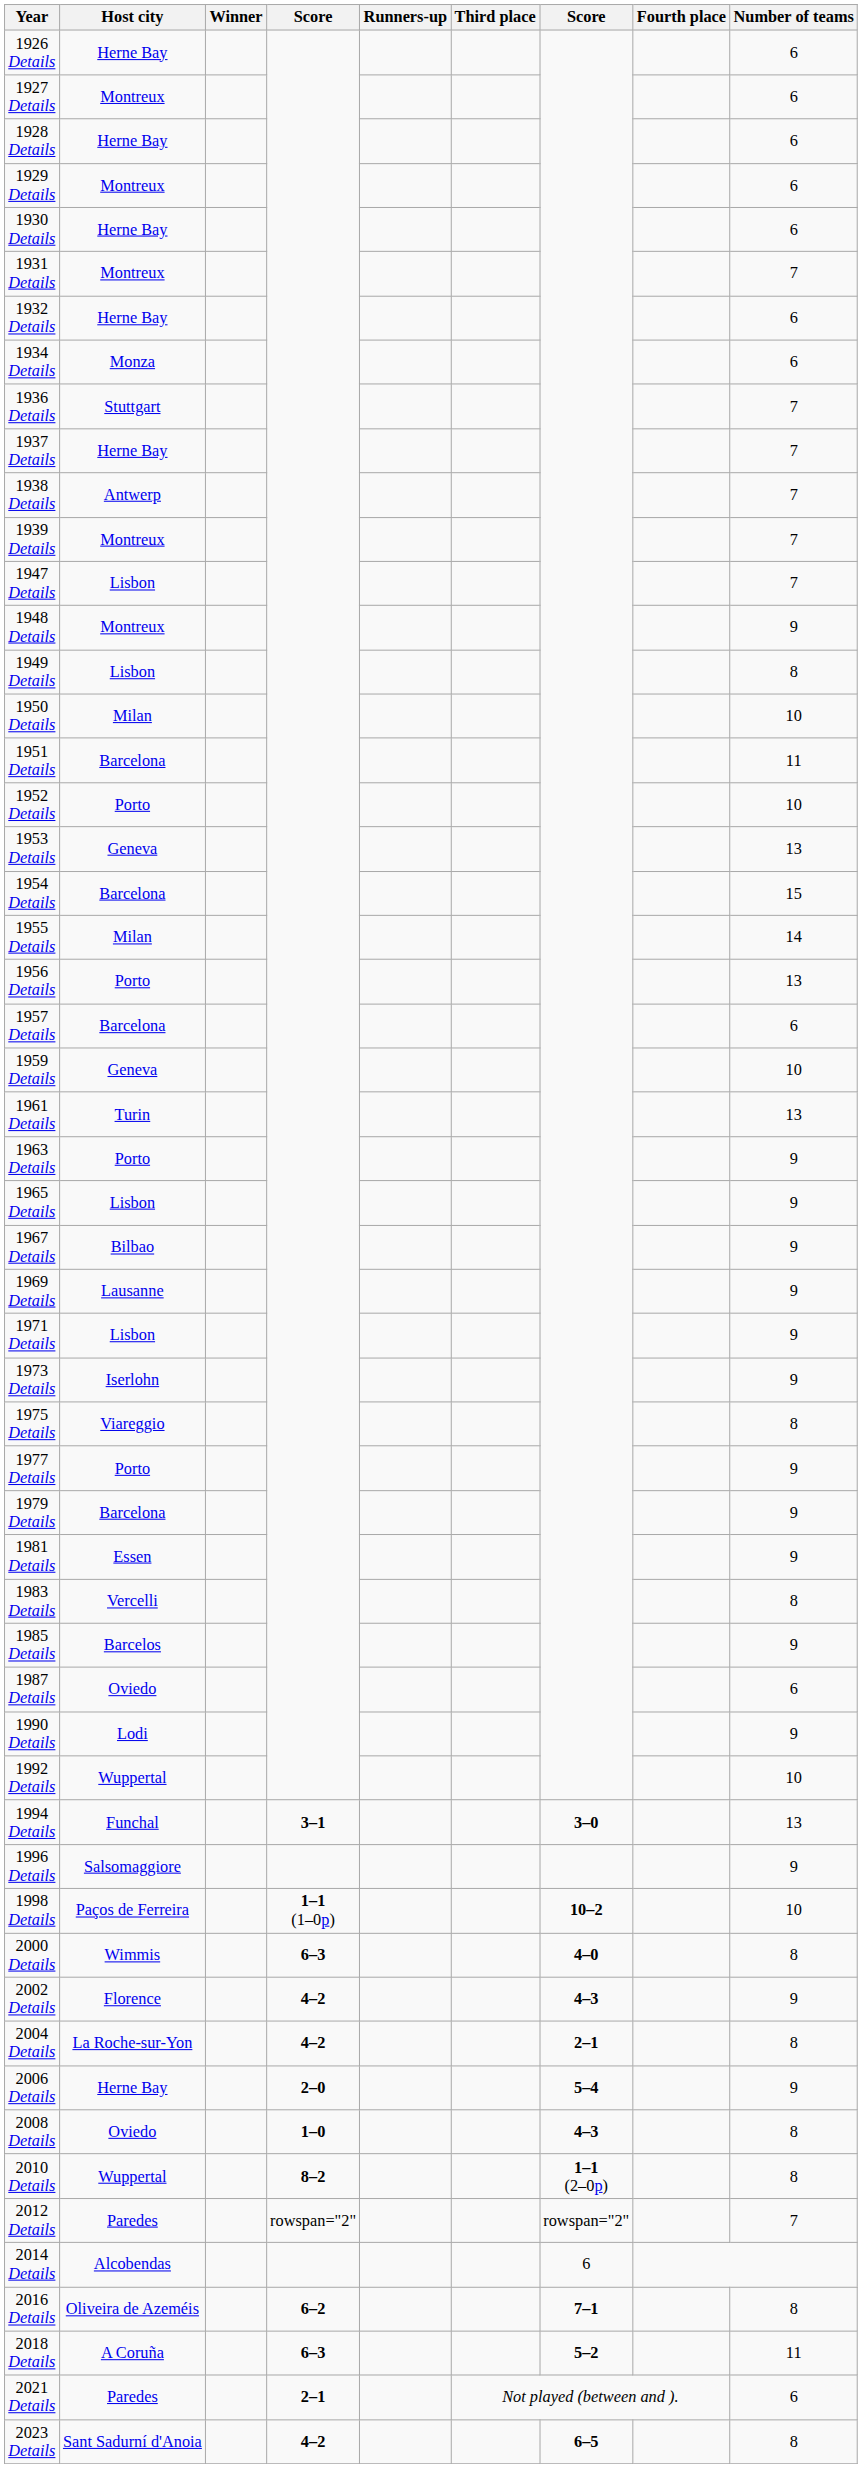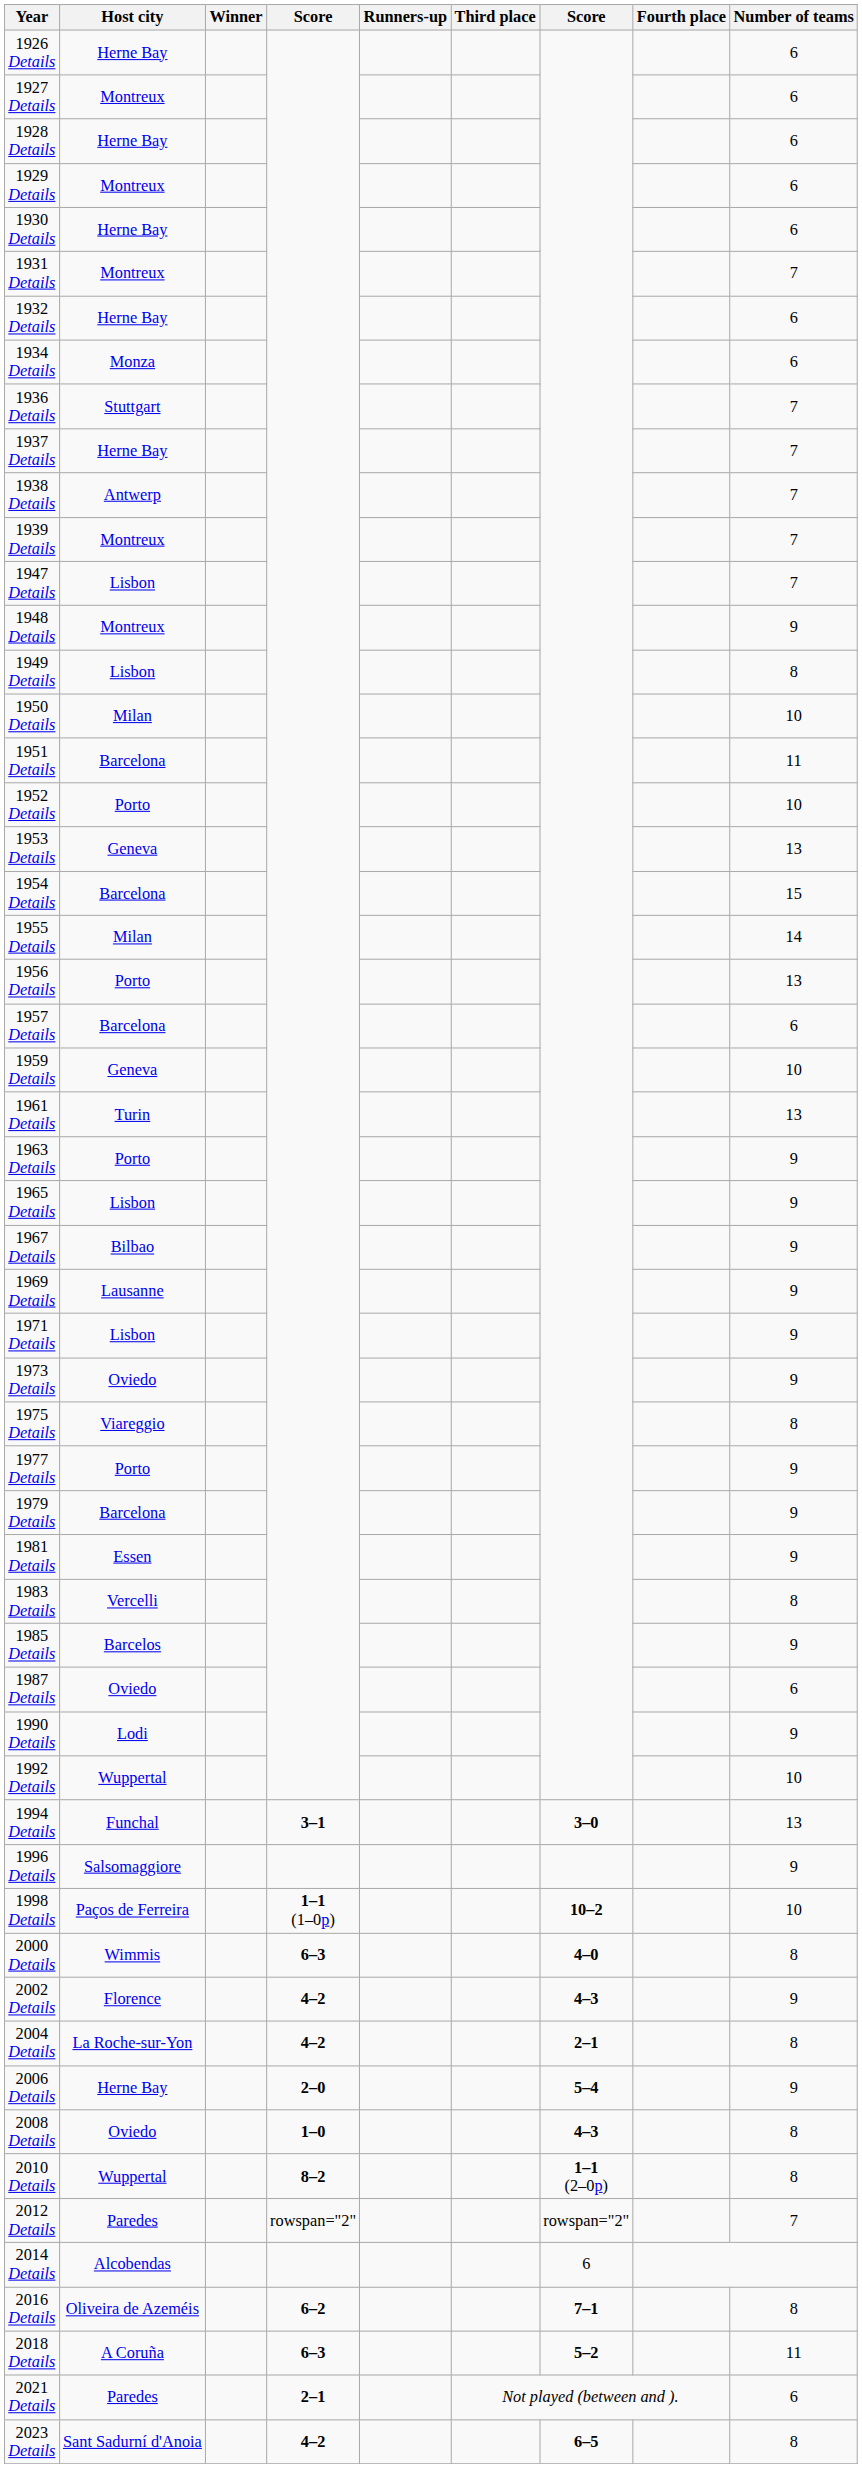 <table class="wikitable" style="text-align:center;">
 <tr>
 <th>Year</th>
 <th>Host city</th>
 <th>Winner</th>
 <th>Score</th>
 <th>Runners-up</th>
 <th>Third place</th>
 <th>Score</th>
 <th>Fourth place</th>
 <th>Number of teams</th>
 </tr>
 <tr>
 <td>1926<br> <em><a href='#'>Details</a></em></td>
 <td> <a href='#'>Herne Bay</a></td>
 <td><strong></strong></td>
 <td rowspan="40"></td>
 <td></td>
 <td></td>
 <td rowspan="40"></td>
 <td></td>
 <td>6</td>
 </tr>
 <tr>
 <td>1927<br> <em><a href='#'>Details</a></em></td>
 <td> <a href='#'>Montreux</a></td>
 <td><strong></strong></td>
 <td></td>
 <td></td>
 <td></td>
 <td>6</td>
 </tr>
 <tr>
 <td>1928<br> <em><a href='#'>Details</a></em></td>
 <td> <a href='#'>Herne Bay</a></td>
 <td><strong></strong></td>
 <td></td>
 <td></td>
 <td></td>
 <td>6</td>
 </tr>
 <tr>
 <td>1929<br> <em><a href='#'>Details</a></em></td>
 <td> <a href='#'>Montreux</a></td>
 <td><strong></strong></td>
 <td></td>
 <td></td>
 <td></td>
 <td>6</td>
 </tr>
 <tr>
 <td>1930<br> <em><a href='#'>Details</a></em></td>
 <td> <a href='#'>Herne Bay</a></td>
 <td><strong></strong></td>
 <td></td>
 <td></td>
 <td></td>
 <td>6</td>
 </tr>
 <tr>
 <td>1931<br> <em><a href='#'>Details</a></em></td>
 <td> <a href='#'>Montreux</a></td>
 <td><strong></strong></td>
 <td></td>
 <td></td>
 <td></td>
 <td>7</td>
 </tr>
 <tr>
 <td>1932<br> <em><a href='#'>Details</a></em></td>
 <td> <a href='#'>Herne Bay</a></td>
 <td><strong></strong></td>
 <td></td>
 <td></td>
 <td></td>
 <td>6</td>
 </tr>
 <tr>
 <td>1934<br> <em><a href='#'>Details</a></em></td>
 <td> <a href='#'>Monza</a></td>
 <td><strong></strong></td>
 <td></td>
 <td></td>
 <td></td>
 <td>6</td>
 </tr>
 <tr>
 <td>1936<br> <em><a href='#'>Details</a></em></td>
 <td> <a href='#'>Stuttgart</a></td>
 <td><strong></strong></td>
 <td></td>
 <td></td>
 <td></td>
 <td>7</td>
 </tr>
 <tr>
 <td>1937<br> <em><a href='#'>Details</a></em></td>
 <td> <a href='#'>Herne Bay</a></td>
 <td><strong></strong></td>
 <td></td>
 <td></td>
 <td></td>
 <td>7</td>
 </tr>
 <tr>
 <td>1938<br> <em><a href='#'>Details</a></em></td>
 <td> <a href='#'>Antwerp</a></td>
 <td><strong></strong></td>
 <td></td>
 <td></td>
 <td></td>
 <td>7</td>
 </tr>
 <tr>
 <td>1939<br> <em><a href='#'>Details</a></em></td>
 <td> <a href='#'>Montreux</a></td>
 <td><strong></strong></td>
 <td></td>
 <td></td>
 <td></td>
 <td>7</td>
 </tr>
 <tr>
 <td>1947<br> <em><a href='#'>Details</a></em></td>
 <td> <a href='#'>Lisbon</a></td>
 <td><strong></strong></td>
 <td></td>
 <td></td>
 <td></td>
 <td>7</td>
 </tr>
 <tr>
 <td>1948<br> <em><a href='#'>Details</a></em></td>
 <td> <a href='#'>Montreux</a></td>
 <td><strong></strong></td>
 <td></td>
 <td></td>
 <td></td>
 <td>9</td>
 </tr>
 <tr>
 <td>1949<br> <em><a href='#'>Details</a></em></td>
 <td> <a href='#'>Lisbon</a></td>
 <td><strong></strong></td>
 <td></td>
 <td></td>
 <td></td>
 <td>8</td>
 </tr>
 <tr>
 <td>1950<br> <em><a href='#'>Details</a></em></td>
 <td> <a href='#'>Milan</a></td>
 <td><strong></strong></td>
 <td></td>
 <td></td>
 <td></td>
 <td>10</td>
 </tr>
 <tr>
 <td>1951<br> <em><a href='#'>Details</a></em></td>
 <td> <a href='#'>Barcelona</a></td>
 <td><strong></strong></td>
 <td></td>
 <td></td>
 <td></td>
 <td>11</td>
 </tr>
 <tr>
 <td>1952<br> <em><a href='#'>Details</a></em></td>
 <td> <a href='#'>Porto</a></td>
 <td><strong></strong></td>
 <td></td>
 <td></td>
 <td></td>
 <td>10</td>
 </tr>
 <tr>
 <td>1953<br> <em><a href='#'>Details</a></em></td>
 <td> <a href='#'>Geneva</a></td>
 <td><strong></strong></td>
 <td></td>
 <td></td>
 <td></td>
 <td>13</td>
 </tr>
 <tr>
 <td>1954<br> <em><a href='#'>Details</a></em></td>
 <td> <a href='#'>Barcelona</a></td>
 <td><strong></strong></td>
 <td></td>
 <td></td>
 <td></td>
 <td>15</td>
 </tr>
 <tr>
 <td>1955<br> <em><a href='#'>Details</a></em></td>
 <td> <a href='#'>Milan</a></td>
 <td><strong></strong></td>
 <td></td>
 <td></td>
 <td></td>
 <td>14</td>
 </tr>
 <tr>
 <td>1956<br> <em><a href='#'>Details</a></em></td>
 <td> <a href='#'>Porto</a></td>
 <td><strong></strong></td>
 <td></td>
 <td></td>
 <td></td>
 <td>13</td>
 </tr>
 <tr>
 <td>1957<br> <em><a href='#'>Details</a></em></td>
 <td> <a href='#'>Barcelona</a></td>
 <td><strong></strong></td>
 <td></td>
 <td></td>
 <td></td>
 <td>6</td>
 </tr>
 <tr>
 <td>1959<br> <em><a href='#'>Details</a></em></td>
 <td> <a href='#'>Geneva</a></td>
 <td><strong></strong></td>
 <td></td>
 <td></td>
 <td></td>
 <td>10</td>
 </tr>
 <tr>
 <td>1961<br> <em><a href='#'>Details</a></em></td>
 <td> <a href='#'>Turin</a></td>
 <td><strong></strong></td>
 <td></td>
 <td></td>
 <td></td>
 <td>13</td>
 </tr>
 <tr>
 <td>1963<br> <em><a href='#'>Details</a></em></td>
 <td> <a href='#'>Porto</a></td>
 <td><strong></strong></td>
 <td></td>
 <td></td>
 <td></td>
 <td>9</td>
 </tr>
 <tr>
 <td>1965<br> <em><a href='#'>Details</a></em></td>
 <td> <a href='#'>Lisbon</a></td>
 <td><strong></strong></td>
 <td></td>
 <td></td>
 <td></td>
 <td>9</td>
 </tr>
 <tr>
 <td>1967<br> <em><a href='#'>Details</a></em></td>
 <td> <a href='#'>Bilbao</a></td>
 <td><strong></strong></td>
 <td></td>
 <td></td>
 <td></td>
 <td>9</td>
 </tr>
 <tr>
 <td>1969<br> <em><a href='#'>Details</a></em></td>
 <td> <a href='#'>Lausanne</a></td>
 <td><strong></strong></td>
 <td></td>
 <td></td>
 <td></td>
 <td>9</td>
 </tr>
 <tr>
 <td>1971<br> <em><a href='#'>Details</a></em></td>
 <td> <a href='#'>Lisbon</a></td>
 <td><strong></strong></td>
 <td></td>
 <td></td>
 <td></td>
 <td>9</td>
 </tr>
 <tr>
 <td>1973<br> <em><a href='#'>Details</a></em></td>
-<td> <a href='#'>Iserlohn</a></td>
+<td> <a href='#'>Oviedo</a></td>
 <td><strong></strong></td>
 <td></td>
 <td></td>
 <td></td>
 <td>9</td>
 </tr>
 <tr>
 <td>1975<br> <em><a href='#'>Details</a></em></td>
 <td> <a href='#'>Viareggio</a></td>
 <td><strong></strong></td>
 <td></td>
 <td></td>
 <td></td>
 <td>8</td>
 </tr>
 <tr>
 <td>1977<br> <em><a href='#'>Details</a></em></td>
 <td> <a href='#'>Porto</a></td>
 <td><strong></strong></td>
 <td></td>
 <td></td>
 <td></td>
 <td>9</td>
 </tr>
 <tr>
 <td>1979<br> <em><a href='#'>Details</a></em></td>
 <td> <a href='#'>Barcelona</a></td>
 <td><strong></strong></td>
 <td></td>
 <td></td>
 <td></td>
 <td>9</td>
 </tr>
 <tr>
 <td>1981<br> <em><a href='#'>Details</a></em></td>
 <td> <a href='#'>Essen</a></td>
 <td><strong></strong></td>
 <td></td>
 <td></td>
 <td></td>
 <td>9</td>
 </tr>
 <tr>
 <td>1983<br> <em><a href='#'>Details</a></em></td>
 <td> <a href='#'>Vercelli</a></td>
 <td><strong></strong></td>
 <td></td>
 <td></td>
 <td></td>
 <td>8</td>
 </tr>
 <tr>
 <td>1985<br> <em><a href='#'>Details</a></em></td>
 <td> <a href='#'>Barcelos</a></td>
 <td><strong></strong></td>
 <td></td>
 <td></td>
 <td></td>
 <td>9</td>
 </tr>
 <tr>
 <td>1987<br> <em><a href='#'>Details</a></em></td>
 <td> <a href='#'>Oviedo</a></td>
 <td><strong></strong></td>
 <td></td>
 <td></td>
 <td></td>
 <td>6</td>
 </tr>
 <tr>
 <td>1990<br> <em><a href='#'>Details</a></em></td>
 <td> <a href='#'>Lodi</a></td>
 <td><strong></strong></td>
 <td></td>
 <td></td>
 <td></td>
 <td>9</td>
 </tr>
 <tr>
 <td>1992<br> <em><a href='#'>Details</a></em></td>
 <td> <a href='#'>Wuppertal</a></td>
 <td><strong></strong></td>
 <td></td>
 <td></td>
 <td></td>
 <td>10</td>
 </tr>
 <tr>
 <td>1994<br> <em><a href='#'>Details</a></em></td>
 <td> <a href='#'>Funchal</a></td>
 <td><strong></strong></td>
 <td><strong>3–1</strong></td>
 <td></td>
 <td></td>
 <td><strong>3–0</strong></td>
 <td></td>
 <td>13</td>
 </tr>
 <tr>
 <td>1996<br> <em><a href='#'>Details</a></em></td>
 <td> <a href='#'>Salsomaggiore</a></td>
 <td><strong></strong></td>
 <td></td>
 <td></td>
 <td></td>
 <td></td>
 <td></td>
 <td>9</td>
 </tr>
 <tr>
 <td>1998<br> <em><a href='#'>Details</a></em></td>
 <td> <a href='#'>Paços de Ferreira</a></td>
 <td><strong></strong></td>
 <td><strong>1–1</strong> <br>(1–0<a href='#'>p</a>)</td>
 <td></td>
 <td></td>
 <td><strong>10–2</strong></td>
 <td></td>
 <td>10</td>
 </tr>
 <tr>
 <td>2000<br> <em><a href='#'>Details</a></em></td>
 <td> <a href='#'>Wimmis</a></td>
 <td><strong></strong></td>
 <td><strong>6–3</strong></td>
 <td></td>
 <td></td>
 <td><strong>4–0</strong></td>
 <td></td>
 <td>8</td>
 </tr>
 <tr>
 <td>2002<br> <em><a href='#'>Details</a></em></td>
 <td> <a href='#'>Florence</a></td>
 <td><strong></strong></td>
 <td><strong>4–2</strong></td>
 <td></td>
 <td></td>
 <td><strong>4–3</strong></td>
 <td></td>
 <td>9</td>
 </tr>
 <tr>
 <td>2004<br> <em><a href='#'>Details</a></em></td>
 <td> <a href='#'>La Roche-sur-Yon</a></td>
 <td><strong></strong></td>
 <td><strong>4–2</strong></td>
 <td></td>
 <td></td>
 <td><strong>2–1</strong></td>
 <td></td>
 <td>8</td>
 </tr>
 <tr>
 <td>2006<br> <em><a href='#'>Details</a></em></td>
 <td> <a href='#'>Herne Bay</a></td>
 <td><strong></strong></td>
 <td><strong>2–0</strong></td>
 <td></td>
 <td></td>
 <td><strong>5–4</strong></td>
 <td></td>
 <td>9</td>
 </tr>
 <tr>
 <td>2008<br> <em><a href='#'>Details</a></em></td>
 <td> <a href='#'>Oviedo</a></td>
 <td><strong></strong></td>
 <td><strong>1–0</strong></td>
 <td></td>
 <td></td>
 <td><strong>4–3</strong></td>
 <td></td>
 <td>8</td>
 </tr>
 <tr>
 <td>2010<br> <em><a href='#'>Details</a></em></td>
 <td> <a href='#'>Wuppertal</a></td>
 <td><strong></strong></td>
 <td><strong>8–2</strong></td>
 <td></td>
 <td></td>
 <td><strong>1–1</strong> <br>(2–0<a href='#'>p</a>)</td>
 <td></td>
 <td>8</td>
 </tr>
 <tr>
 <td>2012<br> <em><a href='#'>Details</a></em></td>
 <td> <a href='#'>Paredes</a></td>
 <td><strong></strong></td>
 <td>rowspan="2" </td>
 <td></td>
 <td></td>
 <td>rowspan="2" </td>
 <td></td>
 <td>7</td>
 </tr>
 <tr>
 <td>2014<br> <em><a href='#'>Details</a></em></td>
 <td> <a href='#'>Alcobendas</a></td>
 <td><strong></strong></td>
 <td></td>
 <td></td>
 <td></td>
 <td>6</td>
 </tr>
 <tr>
 <td>2016<br> <em><a href='#'>Details</a></em></td>
 <td> <a href='#'>Oliveira de Azeméis</a></td>
 <td><strong></strong></td>
 <td><strong>6–2</strong></td>
 <td></td>
 <td></td>
 <td><strong>7–1</strong></td>
 <td></td>
 <td>8</td>
 </tr>
 <tr>
 <td>2018<br> <em><a href='#'>Details</a></em></td>
 <td> <a href='#'>A Coruña</a></td>
 <td><strong></strong></td>
 <td><strong>6–3</strong></td>
 <td></td>
 <td></td>
 <td><strong>5–2</strong></td>
 <td></td>
 <td>11</td>
 </tr>
 <tr>
 <td>2021<br> <em><a href='#'>Details</a></em></td>
 <td> <a href='#'>Paredes</a></td>
 <td><strong></strong></td>
 <td><strong>2–1</strong> </td>
 <td></td>
 <td colspan=3><em>Not played (between  and ).</em></td>
 <td>6</td>
 </tr>
 <tr>
 <td>2023<br> <em><a href='#'>Details</a></em></td>
 <td> <a href='#'>Sant Sadurní d'Anoia</a></td>
 <td><strong></strong></td>
 <td><strong>4–2</strong></td>
 <td></td>
 <td></td>
 <td><strong>6–5</strong></td>
 <td></td>
 <td>8</td>
 </tr>
 </table>
